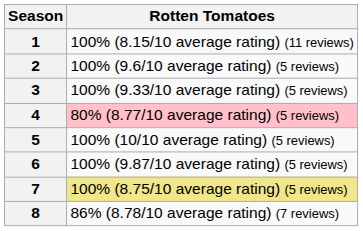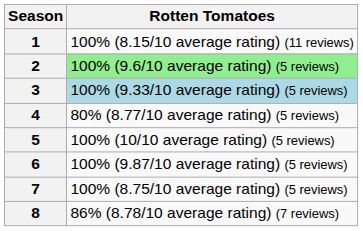 <table class="wikitable floatright">
 <tr>
 <th>Season</th>
 <th>Rotten Tomatoes</th>
 </tr>
 <tr>
 <th scope=row>1</th>
 <td>100% (8.15/10 average rating) <small>(11 reviews)</small></td>
 </tr>
 <tr>
 <th scope=row>2</th>
-<td>100% (9.6/10 average rating) <small>(5 reviews)</small></td>
+<td style="background: lightgreen;">100% (9.6/10 average rating) <small>(5 reviews)</small></td>
 </tr>
 <tr>
 <th scope=row>3</th>
-<td>100%  (9.33/10 average rating) <small>(5 reviews)</small></td>
+<td style="background: lightblue;">100%  (9.33/10 average rating) <small>(5 reviews)</small></td>
 </tr>
 <tr>
 <th scope=row>4</th>
-<td style="background: pink;">80%  (8.77/10 average rating) <small>(5 reviews)</small></td>
+<td>80%  (8.77/10 average rating) <small>(5 reviews)</small></td>
 </tr>
 <tr>
 <th scope=row>5</th>
 <td>100%  (10/10 average rating) <small>(5 reviews)</small></td>
 </tr>
 <tr>
 <th scope=row>6</th>
 <td>100%  (9.87/10 average rating) <small>(5 reviews)</small></td>
 </tr>
 <tr>
 <th scope=row>7</th>
-<td style="background: khaki;">100%  (8.75/10 average rating) <small>(5 reviews)</small></td>
+<td>100%  (8.75/10 average rating) <small>(5 reviews)</small></td>
 </tr>
 <tr>
 <th scope=row>8</th>
 <td>86%  (8.78/10 average rating) <small>(7 reviews)</small></td>
 </tr>
 </table>
